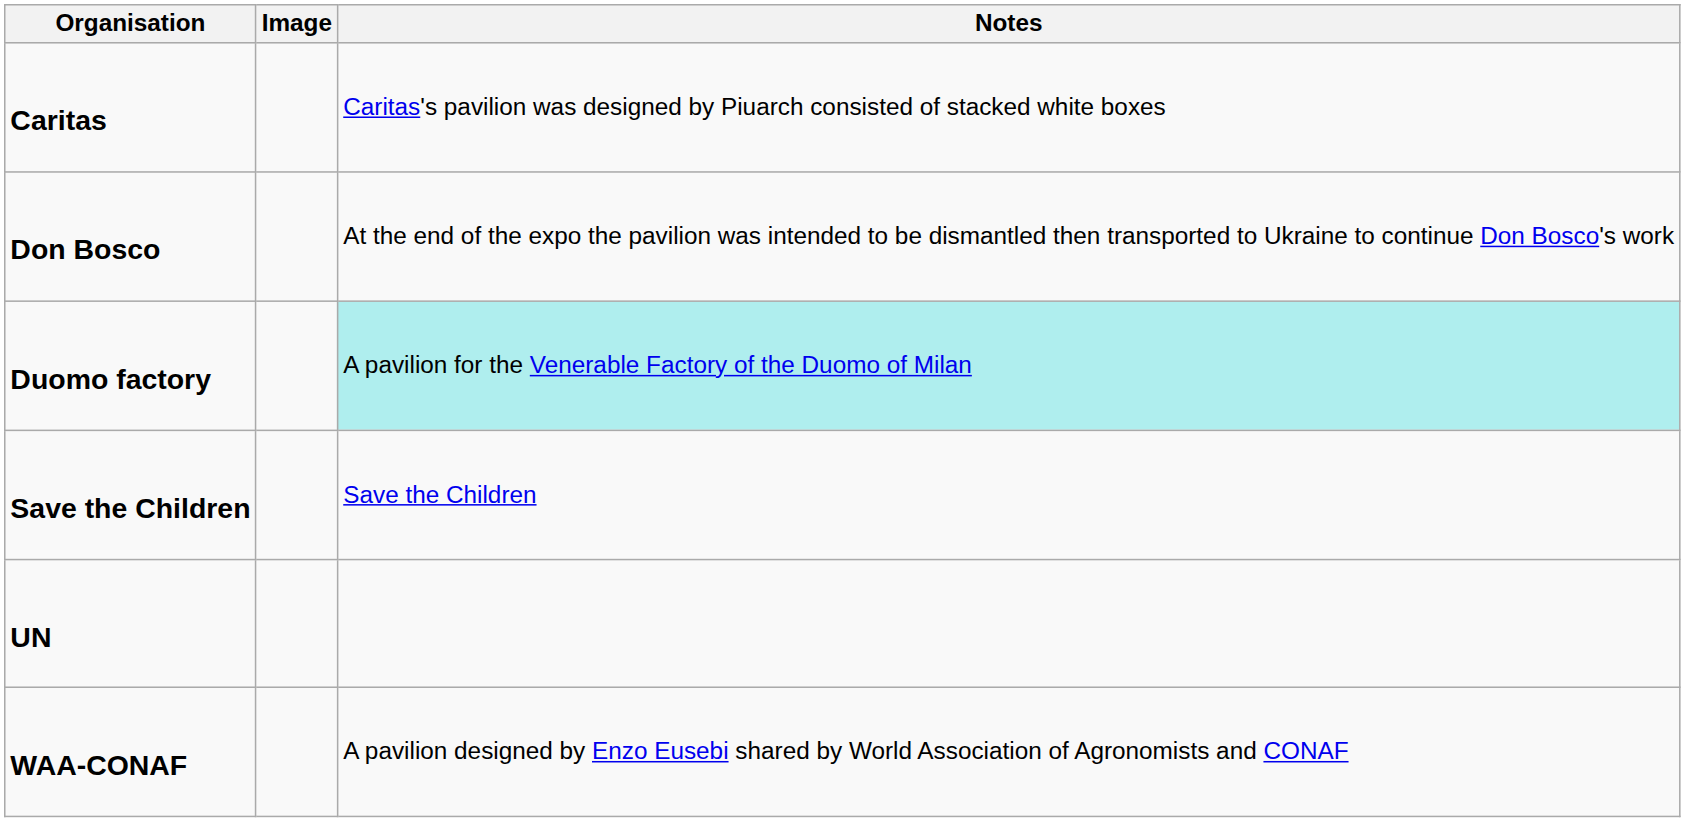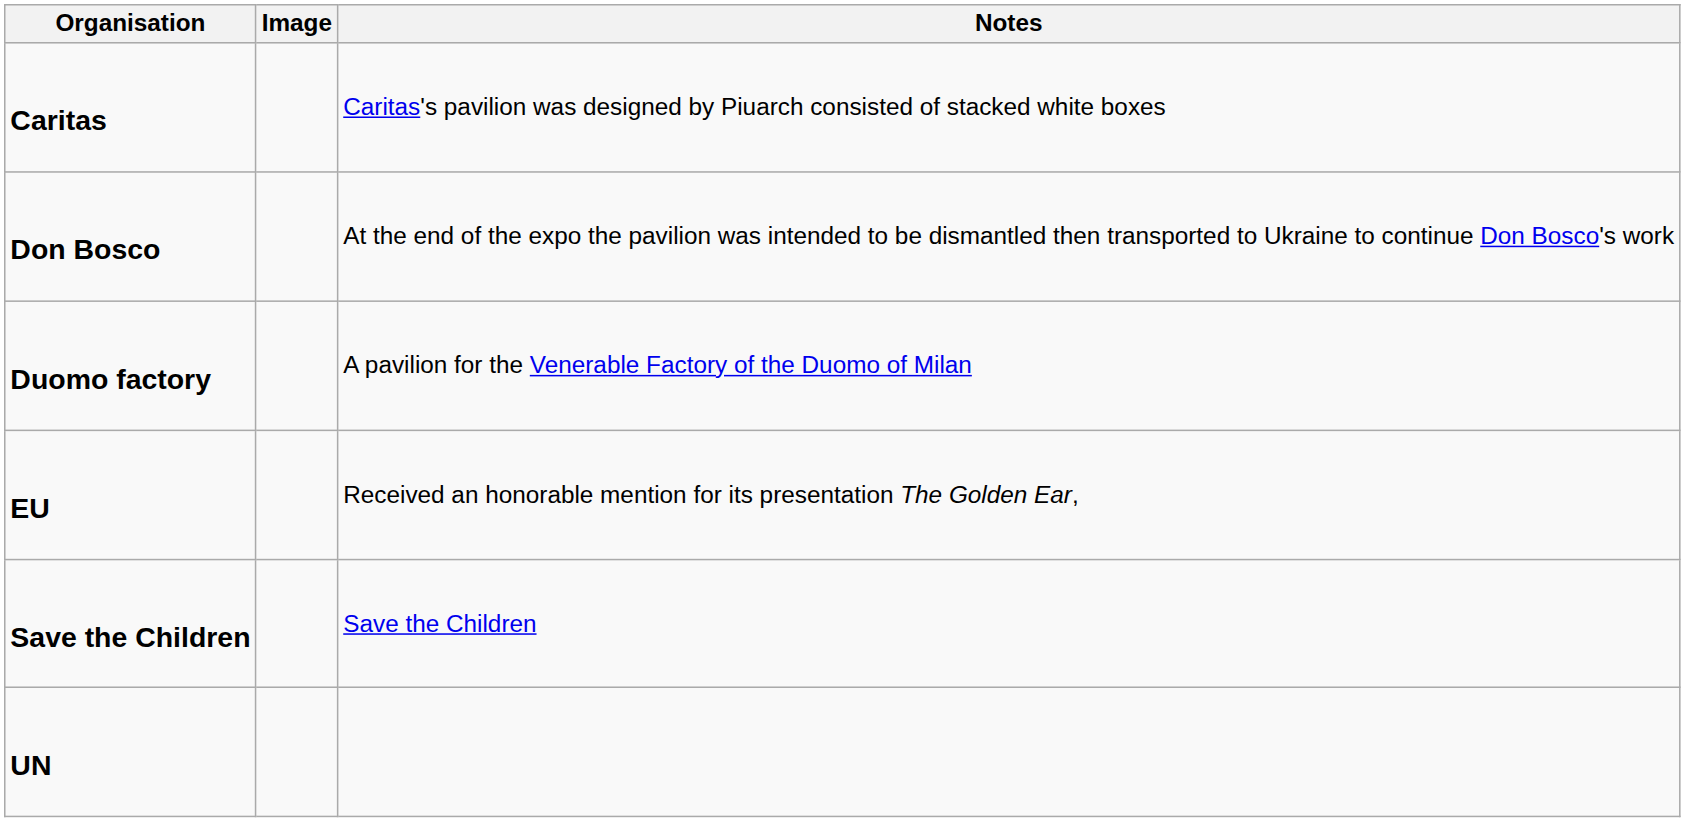 <table class="wikitable sortable">
 <tr>
 <th>Organisation</th>
 <th>Image</th>
 <th>Notes</th>
 </tr>
 <tr>
 <td><br><h3>Caritas</h3></td>
 <td></td>
 <td><a href='#'>Caritas</a>'s pavilion was designed by Piuarch consisted of stacked white boxes</td>
 </tr>
 <tr>
 <td><br><h3>Don Bosco</h3></td>
 <td></td>
 <td>At the end of the expo the pavilion was intended to be dismantled then transported to Ukraine to continue <a href='#'>Don Bosco</a>'s work</td>
 </tr>
 <tr>
 <td><br><h3>Duomo factory</h3></td>
 <td></td>
-<td style="background: paleturquoise;">A pavilion for the <a href='#'>Venerable Factory of the Duomo of Milan</a></td>
+<td>A pavilion for the <a href='#'>Venerable Factory of the Duomo of Milan</a></td>
+</tr>
+<tr>
+<td><br><h3>EU</h3></td>
+<td></td>
+<td>Received an honorable mention for its presentation <em>The Golden Ear</em>,</td>
 </tr>
 <tr>
 <td><br><h3>Save the Children</h3></td>
 <td></td>
 <td><a href='#'>Save the Children</a></td>
 </tr>
 <tr>
 <td><br><h3>UN</h3></td>
 <td></td>
 <td></td>
 </tr>
-<tr>
-<td><br><h3>WAA-CONAF</h3></td>
-<td></td>
-<td>A pavilion designed by <a href='#'>Enzo Eusebi</a> shared by World Association of Agronomists and <a href='#'>CONAF</a></td>
-</tr>
 </table>
